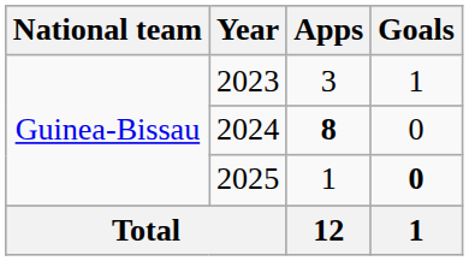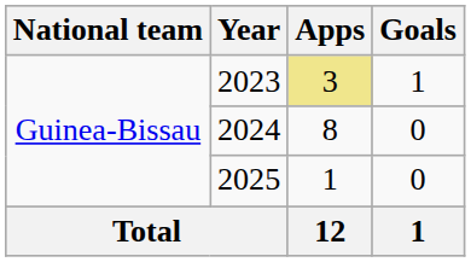 <table class="wikitable" style="text-align: center;">
 <tr>
 <th>National team</th>
 <th>Year</th>
 <th>Apps</th>
 <th>Goals</th>
 </tr>
 <tr>
 <td rowspan="3"><a href='#'>Guinea-Bissau</a></td>
 <td>2023</td>
-<td>3</td>
+<td style="background: khaki;">3</td>
 <td>1</td>
 </tr>
 <tr>
 <td>2024</td>
-<td><strong>8</strong></td>
+<td>8</td>
 <td>0</td>
 </tr>
 <tr>
 <td>2025</td>
 <td>1</td>
-<td><strong>0</strong></td>
+<td>0</td>
 </tr>
 <tr>
 <th colspan="2">Total</th>
 <th>12</th>
 <th>1</th>
 </tr>
 </table>
